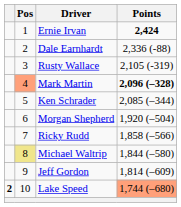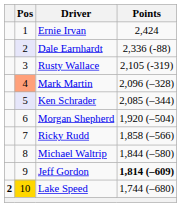 <table class="wikitable" style="font-size: 95%;">
 <tr>
 <th></th>
 <th>Pos</th>
 <th>Driver</th>
 <th>Points</th>
 </tr>
 <tr>
 <td align="left"></td>
 <td style="text-align:center;">1</td>
 <td><a href='#'>Ernie Irvan</a></td>
-<td style="text-align:center;"><strong>2,424</strong></td>
+<td style="text-align:center;">2,424</td>
 </tr>
 <tr>
 <td align="left"></td>
-<td style="text-align:center;">2</td>
+<td style="background: lavender; text-align:center;">2</td>
 <td><a href='#'>Dale Earnhardt</a></td>
 <td style="text-align:center;">2,336 (-88)</td>
 </tr>
 <tr>
 <td align="left"></td>
 <td style="text-align:center;">3</td>
 <td><a href='#'>Rusty Wallace</a></td>
 <td style="text-align:center;">2,105 (-319)</td>
 </tr>
 <tr>
 <td align="left"></td>
 <td style="background: lightsalmon; text-align:center;">4</td>
 <td><a href='#'>Mark Martin</a></td>
-<td style="text-align:center;"><strong>2,096 (–328)</strong></td>
+<td style="text-align:center;">2,096 (–328)</td>
 </tr>
 <tr>
 <td align="left"></td>
-<td style="text-align:center;">5</td>
+<td style="background: lavender; text-align:center;">5</td>
 <td><a href='#'>Ken Schrader</a></td>
 <td style="text-align:center;">2,085 (–344)</td>
 </tr>
 <tr>
 <td align="left"></td>
 <td style="text-align:center;">6</td>
 <td><a href='#'>Morgan Shepherd</a></td>
 <td style="text-align:center;">1,920 (–504)</td>
 </tr>
 <tr>
 <td align="left"></td>
 <td style="text-align:center;">7</td>
 <td><a href='#'>Ricky Rudd</a></td>
 <td style="text-align:center;">1,858 (–566)</td>
 </tr>
 <tr>
 <td align="left"></td>
-<td style="background: khaki; text-align:center;">8</td>
+<td style="text-align:center;">8</td>
 <td><a href='#'>Michael Waltrip</a></td>
 <td style="text-align:center;">1,844 (–580)</td>
 </tr>
 <tr>
 <td align="left"></td>
 <td style="text-align:center;">9</td>
 <td><a href='#'>Jeff Gordon</a></td>
-<td style="text-align:center;">1,814 (–609)</td>
+<td style="text-align:center;"><strong>1,814 (–609)</strong></td>
 </tr>
 <tr>
 <td align="left"> <strong>2</strong></td>
-<td style="text-align:center;">10</td>
+<td style="background: gold; text-align:center;">10</td>
 <td><a href='#'>Lake Speed</a></td>
-<td style="background: lightsalmon; text-align:center;">1,744 (–680)</td>
+<td style="text-align:center;">1,744 (–680)</td>
 </tr>
 <tr class="sortbottom">
 <th colspan="9"></th>
 </tr>
 </table>
